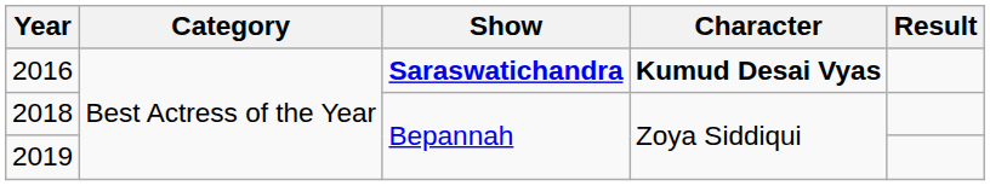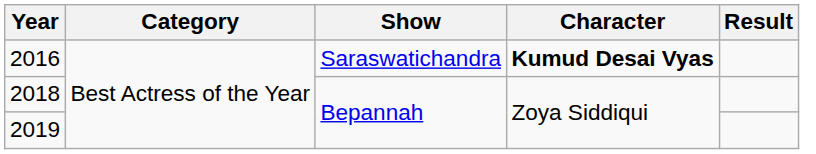 <table class="wikitable sortable">
 <tr>
 <th>Year</th>
 <th>Category</th>
 <th>Show</th>
 <th>Character</th>
 <th>Result</th>
 </tr>
 <tr>
 <td>2016</td>
 <td rowspan=3>Best Actress of the Year</td>
-<td><strong><a href='#'>Saraswatichandra</a></strong></td>
+<td><a href='#'>Saraswatichandra</a></td>
 <td><strong>Kumud Desai Vyas</strong></td>
 <td></td>
 </tr>
 <tr>
 <td>2018</td>
 <td rowspan=2><a href='#'>Bepannah</a></td>
 <td rowspan=2>Zoya Siddiqui</td>
 <td></td>
 </tr>
 <tr>
 <td>2019</td>
 <td></td>
 </tr>
 </table>
